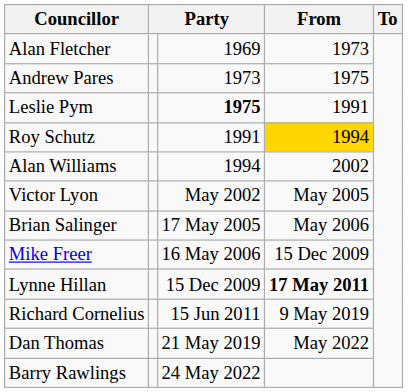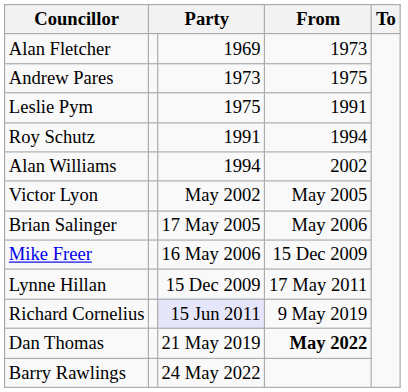 <table class=wikitable>
 <tr>
 <th>Councillor</th>
 <th colspan=2>Party</th>
 <th>From</th>
 <th>To</th>
 </tr>
 <tr>
 <td>Alan Fletcher</td>
 <td></td>
 <td align=right>1969</td>
 <td align=right>1973</td>
 </tr>
 <tr>
 <td>Andrew Pares</td>
 <td></td>
 <td align=right>1973</td>
 <td align=right>1975</td>
 </tr>
 <tr>
 <td>Leslie Pym</td>
 <td></td>
-<td align=right><strong>1975</strong></td>
+<td align=right>1975</td>
 <td align=right>1991</td>
 </tr>
 <tr>
 <td>Roy Schutz</td>
 <td></td>
 <td align=right>1991</td>
-<td align=right style="background: gold;">1994</td>
+<td align=right>1994</td>
 </tr>
 <tr>
 <td>Alan Williams</td>
 <td></td>
 <td align=right>1994</td>
 <td align=right>2002</td>
 </tr>
 <tr>
 <td>Victor Lyon</td>
 <td></td>
 <td align=right>May 2002</td>
 <td align=right>May 2005</td>
 </tr>
 <tr>
 <td>Brian Salinger</td>
 <td></td>
 <td align=right>17 May 2005</td>
 <td align=right>May 2006</td>
 </tr>
 <tr>
 <td><a href='#'>Mike Freer</a></td>
 <td></td>
 <td align=right>16 May 2006</td>
 <td align=right>15 Dec 2009</td>
 </tr>
 <tr>
 <td>Lynne Hillan</td>
 <td></td>
 <td align=right>15 Dec 2009</td>
-<td align=right><strong>17 May 2011</strong></td>
+<td align=right>17 May 2011</td>
 </tr>
 <tr>
 <td>Richard Cornelius</td>
 <td></td>
-<td align=right>15 Jun 2011</td>
+<td align=right style="background: lavender;">15 Jun 2011</td>
 <td align=right>9 May 2019</td>
 </tr>
 <tr>
 <td>Dan Thomas</td>
 <td></td>
 <td align=right>21 May 2019</td>
-<td align=right>May 2022</td>
+<td align=right><strong>May 2022</strong></td>
 </tr>
 <tr>
 <td>Barry Rawlings</td>
 <td></td>
 <td align=right>24 May 2022</td>
 <td></td>
 </tr>
 </table>
